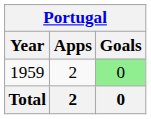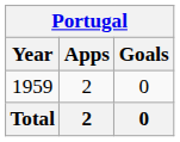 <table class="wikitable" style="text-align:center">
 <tr>
 <th colspan=3><a href='#'>Portugal</a></th>
 </tr>
 <tr>
 <th>Year</th>
 <th>Apps</th>
 <th>Goals</th>
 </tr>
 <tr>
 <td>1959</td>
 <td>2</td>
-<td style="background: lightgreen;">0</td>
+<td>0</td>
 </tr>
 <tr>
 <th>Total</th>
 <th>2</th>
 <th>0</th>
 </tr>
 </table>
